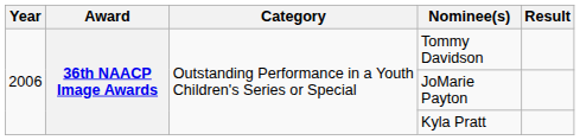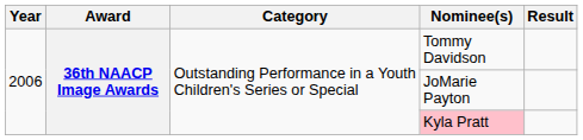 <table class="wikitable sortable plainrowheaders">
 <tr>
 <th scope="col">Year</th>
 <th scope="col">Award</th>
 <th scope="col">Category</th>
 <th scope="col">Nominee(s)</th>
 <th scope="col">Result</th>
 </tr>
 <tr>
 <td rowspan="3">2006</td>
 <th scope="row" rowspan="3"><a href='#'>36th NAACP Image Awards</a></th>
 <td rowspan="3">Outstanding Performance in a Youth Children's Series or Special</td>
 <td>Tommy Davidson</td>
 <td></td>
 </tr>
 <tr>
 <td>JoMarie Payton</td>
 <td></td>
 </tr>
 <tr>
-<td>Kyla Pratt</td>
+<td style="background: pink;">Kyla Pratt</td>
 <td></td>
 </tr>
 </table>
